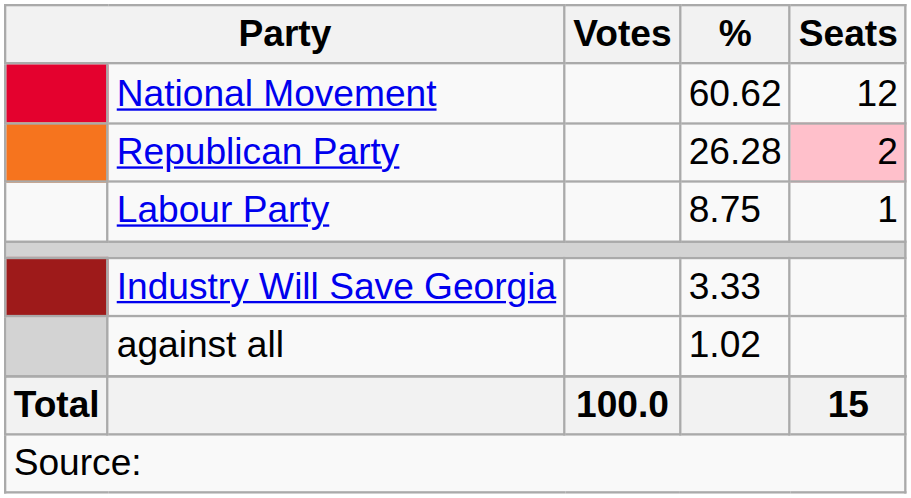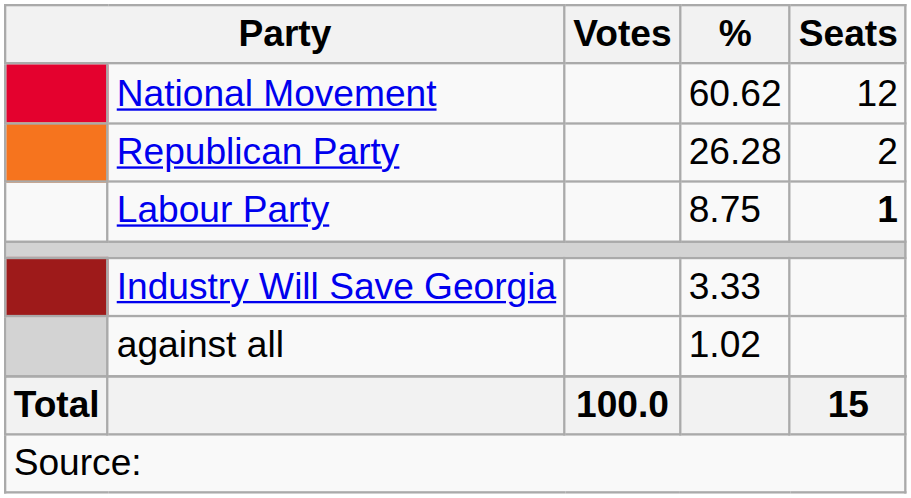 <table class="wikitable">
 <tr>
 <th colspan="2">Party</th>
 <th scope="col">Votes</th>
 <th scope="col">%</th>
 <th scope="col">Seats</th>
 </tr>
 <tr>
 <td style="background:#e4012e"></td>
 <td align=left><a href='#'>National Movement</a></td>
 <td></td>
 <td>60.62</td>
 <td align=right>12</td>
 </tr>
 <tr>
 <td style="background:#F6741E"></td>
 <td align=left><a href='#'>Republican Party</a></td>
 <td></td>
 <td>26.28</td>
-<td align=right style="background: pink;">2</td>
+<td align=right>2</td>
 </tr>
 <tr>
 <td style="background:"></td>
 <td align=left><a href='#'>Labour Party</a></td>
 <td></td>
 <td>8.75</td>
-<td align=right>1</td>
+<td align=right><strong>1</strong></td>
 </tr>
 <tr>
 <td colspan=5 bgcolor=lightgrey></td>
 </tr>
 <tr>
 <td style="background:#9E1A1A"></td>
 <td align=left><a href='#'>Industry Will Save Georgia</a></td>
 <td></td>
 <td>3.33</td>
 <td align=right></td>
 </tr>
 <tr>
 <td style="background:#D3D3D3"></td>
 <td align=left>against all</td>
 <td></td>
 <td>1.02</td>
 <td align=right></td>
 </tr>
 <tr>
 </tr>
 <tr>
 <th colspan=1>Total</th>
 <th></th>
 <th>100.0</th>
 <th></th>
 <th>15</th>
 </tr>
 <tr>
 <td colspan=5>Source: </td>
 </tr>
 </table>
